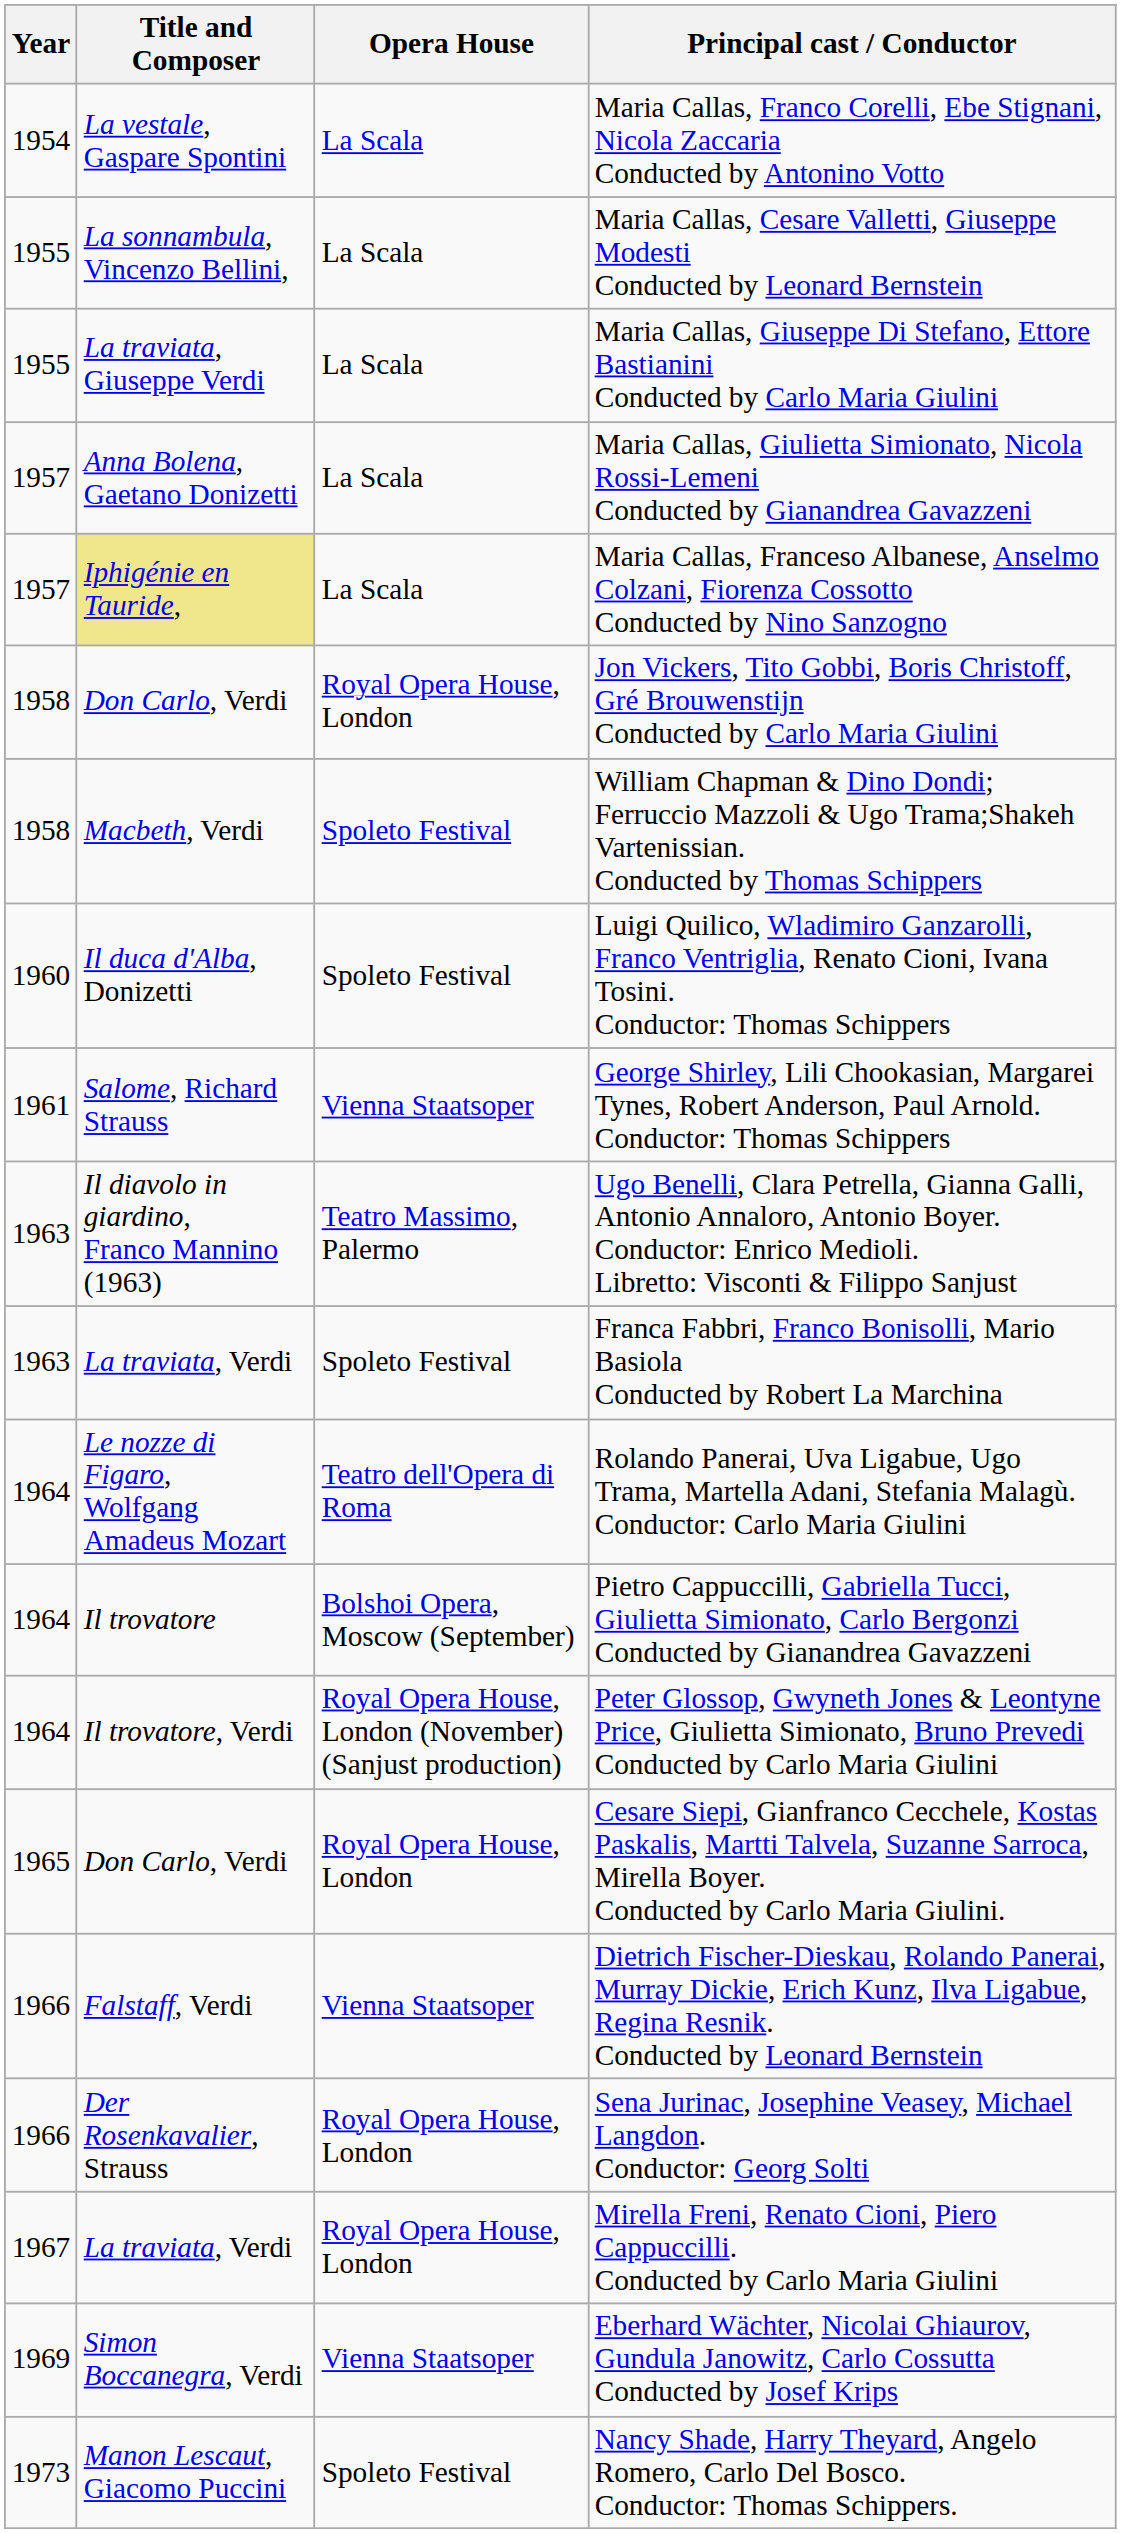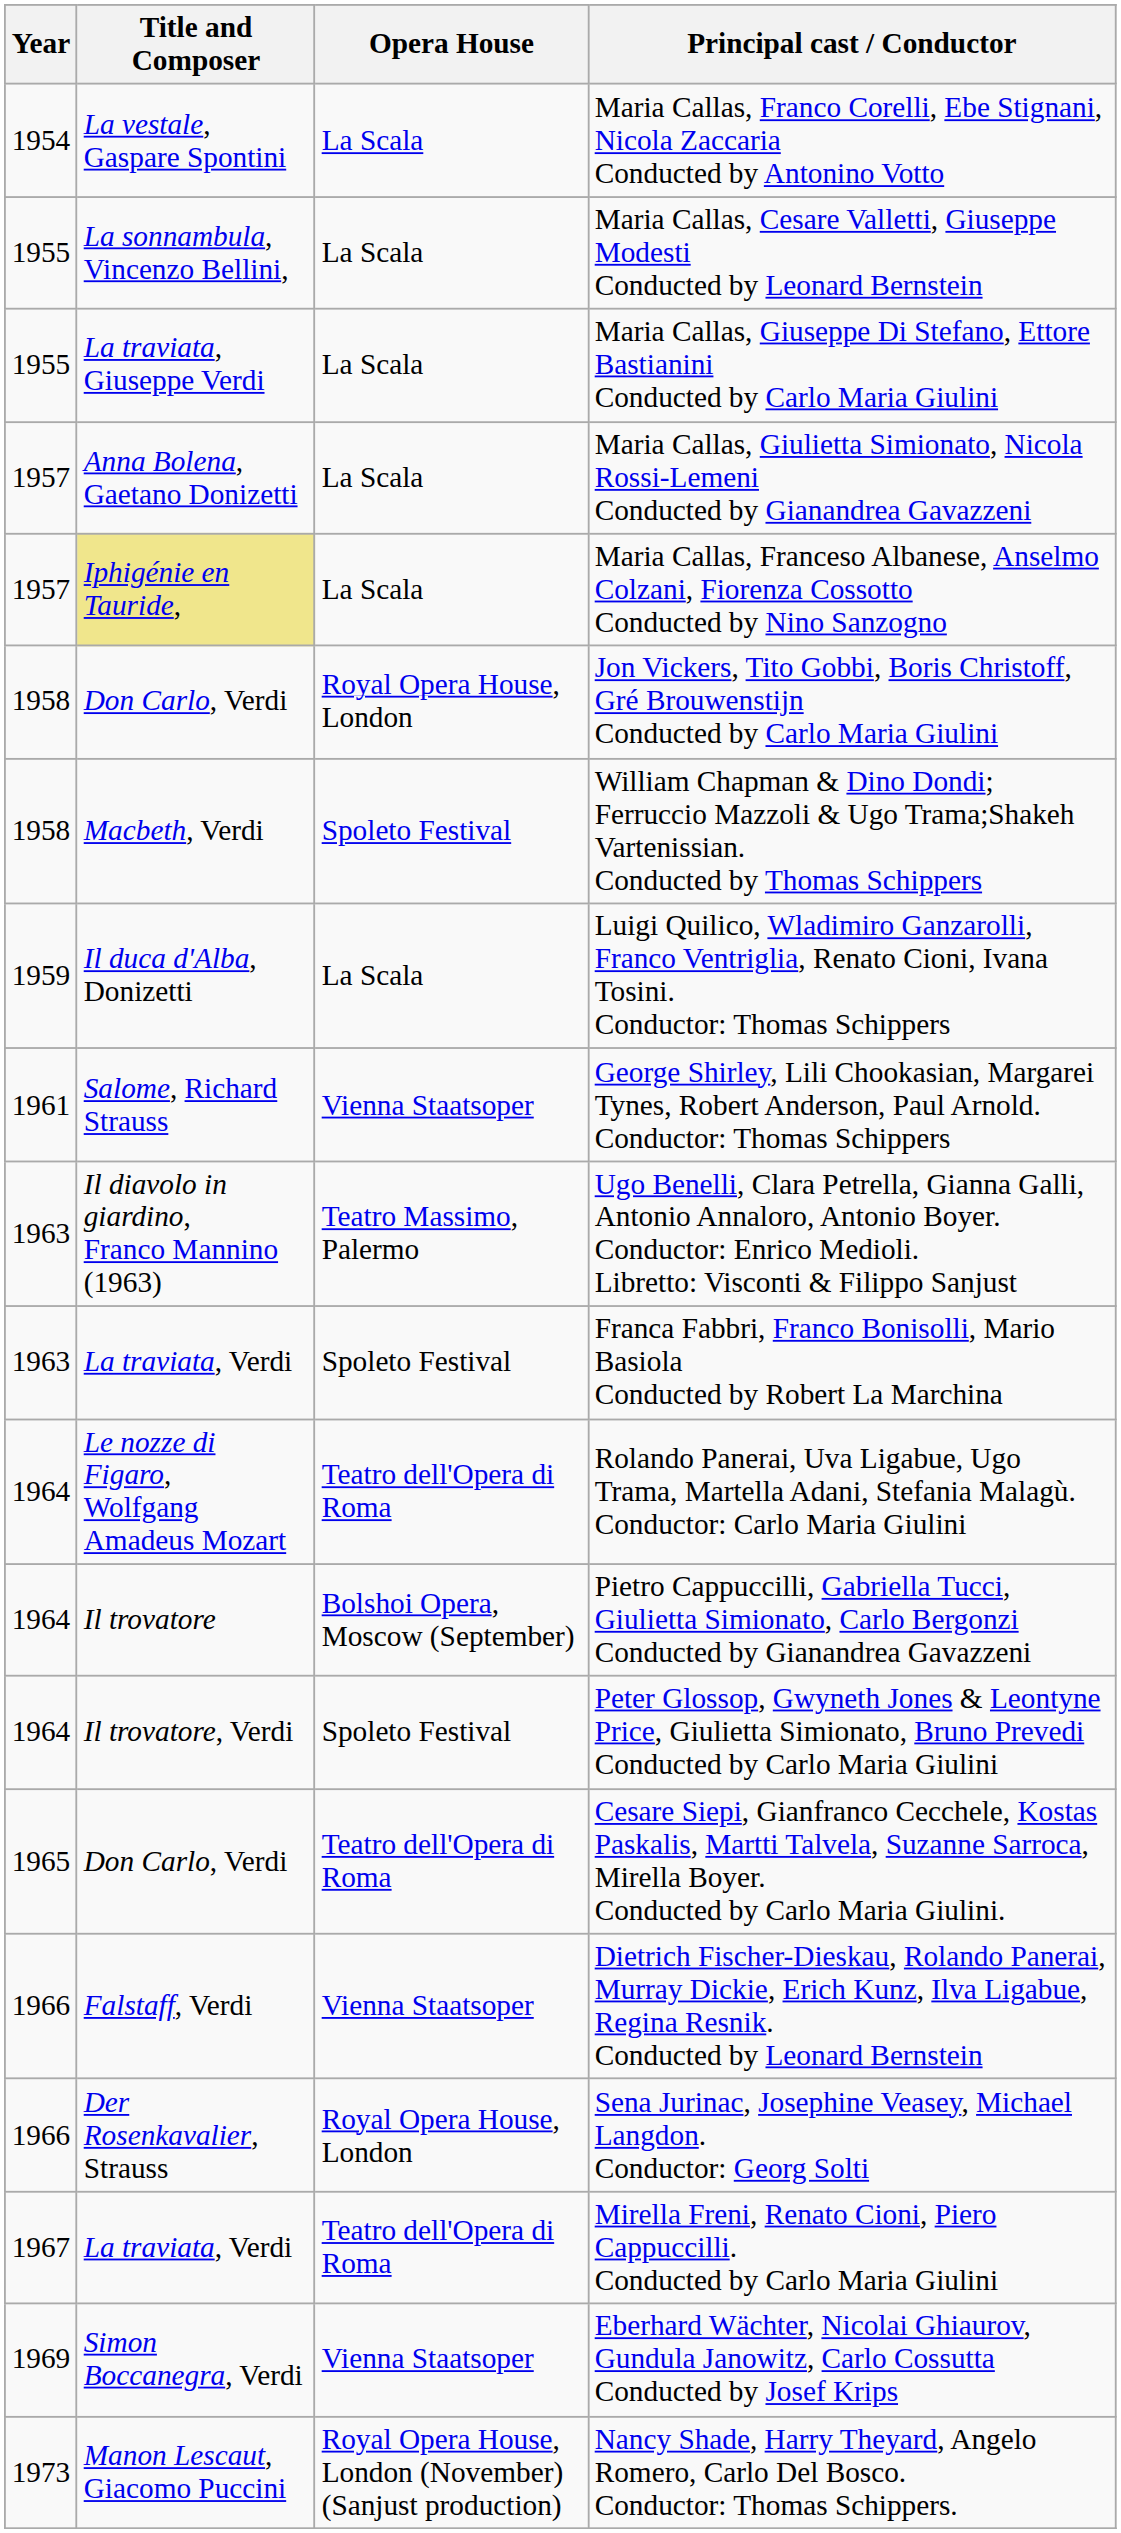 <table class=wikitable>
 <tr>
 <th>Year</th>
 <th>Title and Composer</th>
 <th>Opera House</th>
 <th>Principal cast / Conductor</th>
 </tr>
 <tr>
 <td>1954</td>
 <td><em><a href='#'>La vestale</a></em>,<br><a href='#'>Gaspare Spontini</a></td>
 <td><a href='#'>La Scala</a></td>
 <td>Maria Callas, <a href='#'>Franco Corelli</a>, <a href='#'>Ebe Stignani</a>, <a href='#'>Nicola Zaccaria</a><br>Conducted by <a href='#'>Antonino Votto</a></td>
 </tr>
 <tr>
 <td>1955</td>
 <td><em><a href='#'>La sonnambula</a></em>,<br><a href='#'>Vincenzo Bellini</a>,</td>
 <td>La Scala</td>
 <td>Maria Callas, <a href='#'>Cesare Valletti</a>, <a href='#'>Giuseppe Modesti</a><br>Conducted by <a href='#'>Leonard Bernstein</a></td>
 </tr>
 <tr>
 <td>1955</td>
 <td><em><a href='#'>La traviata</a></em>, <br><a href='#'>Giuseppe Verdi</a></td>
 <td>La Scala</td>
 <td>Maria Callas, <a href='#'>Giuseppe Di Stefano</a>, <a href='#'>Ettore Bastianini</a><br>Conducted by <a href='#'>Carlo Maria Giulini</a></td>
 </tr>
 <tr>
 <td>1957</td>
 <td><em><a href='#'>Anna Bolena</a></em>,<br><a href='#'>Gaetano Donizetti</a></td>
 <td>La Scala</td>
 <td>Maria Callas, <a href='#'>Giulietta Simionato</a>, <a href='#'>Nicola Rossi-Lemeni</a><br>Conducted by <a href='#'>Gianandrea Gavazzeni</a></td>
 </tr>
 <tr>
 <td>1957</td>
 <td style="background: khaki;"><em><a href='#'>Iphigénie en Tauride</a></em>,<br></td>
 <td>La Scala</td>
 <td>Maria Callas, Franceso Albanese, <a href='#'>Anselmo Colzani</a>, <a href='#'>Fiorenza Cossotto</a><br>Conducted by <a href='#'>Nino Sanzogno</a></td>
 </tr>
 <tr>
 <td>1958</td>
 <td><em><a href='#'>Don Carlo</a></em>, Verdi</td>
 <td><a href='#'>Royal Opera House</a>,<br>London</td>
 <td><a href='#'>Jon Vickers</a>, <a href='#'>Tito Gobbi</a>, <a href='#'>Boris Christoff</a>, <a href='#'>Gré Brouwenstijn</a><br>Conducted by <a href='#'>Carlo Maria Giulini</a></td>
 </tr>
 <tr>
 <td>1958</td>
 <td><em><a href='#'>Macbeth</a></em>, Verdi</td>
 <td><a href='#'>Spoleto Festival</a></td>
 <td>William Chapman & <a href='#'>Dino Dondi</a>; Ferruccio Mazzoli & Ugo Trama;Shakeh Vartenissian.<br>Conducted by <a href='#'>Thomas Schippers</a></td>
 </tr>
 <tr>
-<td>1960</td>
+<td>1959</td>
 <td><em><a href='#'>Il duca d'Alba</a></em>, Donizetti</td>
-<td>Spoleto Festival</td>
+<td>La Scala</td>
 <td>Luigi Quilico, <a href='#'>Wladimiro Ganzarolli</a>, <a href='#'>Franco Ventriglia</a>, Renato Cioni, Ivana Tosini.<br>Conductor: Thomas Schippers</td>
 </tr>
 <tr>
 <td>1961</td>
 <td><em><a href='#'>Salome</a></em>, <a href='#'>Richard Strauss</a></td>
 <td><a href='#'>Vienna Staatsoper</a></td>
 <td><a href='#'>George Shirley</a>, Lili Chookasian, Margarei Tynes, Robert Anderson, Paul Arnold.<br>Conductor: Thomas Schippers</td>
 </tr>
 <tr>
 <td>1963</td>
 <td><em>Il diavolo in giardino</em>,<br><a href='#'>Franco Mannino</a> (1963)</td>
 <td><a href='#'>Teatro Massimo</a>, Palermo</td>
 <td><a href='#'>Ugo Benelli</a>, Clara Petrella, Gianna Galli, Antonio Annaloro, Antonio Boyer.<br>Conductor: Enrico Medioli.<br>Libretto: Visconti & Filippo Sanjust</td>
 </tr>
 <tr>
 <td>1963</td>
 <td><em><a href='#'>La traviata</a></em>, Verdi</td>
 <td>Spoleto Festival</td>
 <td>Franca Fabbri, <a href='#'>Franco Bonisolli</a>, Mario Basiola<br>Conducted by Robert La Marchina</td>
 </tr>
 <tr>
 <td>1964</td>
 <td><em><a href='#'>Le nozze di Figaro</a></em>,<br><a href='#'>Wolfgang Amadeus Mozart</a></td>
 <td><a href='#'>Teatro dell'Opera di Roma</a></td>
 <td>Rolando Panerai, Uva Ligabue, Ugo Trama, Martella Adani, Stefania Malagù.<br>Conductor: Carlo Maria Giulini</td>
 </tr>
 <tr>
 <td>1964</td>
 <td><em>Il trovatore</em></td>
 <td><a href='#'>Bolshoi Opera</a>, Moscow (September)</td>
 <td>Pietro Cappuccilli, <a href='#'>Gabriella Tucci</a>, <a href='#'>Giulietta Simionato</a>, <a href='#'>Carlo Bergonzi</a><br>Conducted by Gianandrea Gavazzeni</td>
 </tr>
 <tr>
 <td>1964</td>
 <td><em>Il trovatore</em>, Verdi</td>
-<td><a href='#'>Royal Opera House</a>, London (November)<br>(Sanjust production)</td>
+<td>Spoleto Festival</td>
 <td><a href='#'>Peter Glossop</a>, <a href='#'>Gwyneth Jones</a> & <a href='#'>Leontyne Price</a>, Giulietta Simionato, <a href='#'>Bruno Prevedi</a><br>Conducted by Carlo Maria Giulini</td>
 </tr>
 <tr>
 <td>1965</td>
 <td><em>Don Carlo</em>, Verdi</td>
-<td><a href='#'>Royal Opera House</a>, London</td>
+<td><a href='#'>Teatro dell'Opera di Roma</a></td>
 <td><a href='#'>Cesare Siepi</a>, Gianfranco Cecchele, <a href='#'>Kostas Paskalis</a>, <a href='#'>Martti Talvela</a>, <a href='#'>Suzanne Sarroca</a>, Mirella Boyer.<br>Conducted by Carlo Maria Giulini.</td>
 </tr>
 <tr>
 <td>1966</td>
 <td><em><a href='#'>Falstaff</a></em>, Verdi</td>
 <td><a href='#'>Vienna Staatsoper</a></td>
 <td><a href='#'>Dietrich Fischer-Dieskau</a>, <a href='#'>Rolando Panerai</a>, <a href='#'>Murray Dickie</a>, <a href='#'>Erich Kunz</a>, <a href='#'>Ilva Ligabue</a>, <a href='#'>Regina Resnik</a>.<br>Conducted by <a href='#'>Leonard Bernstein</a></td>
 </tr>
 <tr>
 <td>1966</td>
 <td><em><a href='#'>Der Rosenkavalier</a></em>, Strauss</td>
 <td><a href='#'>Royal Opera House</a>, London</td>
 <td><a href='#'>Sena Jurinac</a>, <a href='#'>Josephine Veasey</a>, <a href='#'>Michael Langdon</a>.<br>Conductor: <a href='#'>Georg Solti</a></td>
 </tr>
 <tr>
 <td>1967</td>
 <td><em><a href='#'>La traviata</a></em>, Verdi</td>
-<td><a href='#'>Royal Opera House</a>, London</td>
+<td><a href='#'>Teatro dell'Opera di Roma</a></td>
 <td><a href='#'>Mirella Freni</a>, <a href='#'>Renato Cioni</a>, <a href='#'>Piero Cappuccilli</a>.<br>Conducted by Carlo Maria Giulini</td>
 </tr>
 <tr>
 <td>1969</td>
 <td><em><a href='#'>Simon Boccanegra</a></em>, Verdi</td>
 <td><a href='#'>Vienna Staatsoper</a></td>
 <td><a href='#'>Eberhard Wächter</a>, <a href='#'>Nicolai Ghiaurov</a>, <a href='#'>Gundula Janowitz</a>, <a href='#'>Carlo Cossutta</a><br>Conducted by <a href='#'>Josef Krips</a></td>
 </tr>
 <tr>
 <td>1973</td>
 <td><em><a href='#'>Manon Lescaut</a></em>,<br><a href='#'>Giacomo Puccini</a></td>
-<td>Spoleto Festival</td>
+<td><a href='#'>Royal Opera House</a>, London (November)<br>(Sanjust production)</td>
 <td><a href='#'>Nancy Shade</a>, <a href='#'>Harry Theyard</a>, Angelo Romero, Carlo Del Bosco.<br>Conductor: Thomas Schippers.</td>
 </tr>
 <tr>
 </tr>
 </table>
